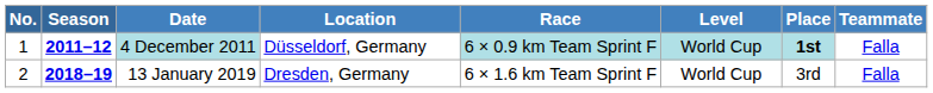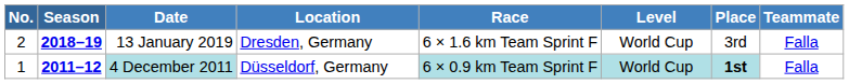 <table class="wikitable sortable" style="font-size:95%; text-align:center; border:grey solid 1px; border-collapse:collapse; background:#ffffff;">
 <tr style="background:#efefef;">
 <th style="background-color:#369; color:white;">No.</th>
 <th style="background-color:#369; color:white;">Season</th>
 <th style="background-color:#4180be; color:white; width:120px;">Date</th>
 <th style="background-color:#4180be; color:white; width:170px;">Location</th>
 <th style="background-color:#4180be; color:white; width:170px;">Race</th>
 <th style="background-color:#4180be; color:white; width:100px;">Level</th>
 <th style="background-color:#4180be; color:white;">Place</th>
 <th style="background-color:#4180be; color:white;">Teammate</th>
 </tr>
 <tr>
+<td align=center>2</td>
+<td rowspan=1 align=center><strong><a href='#'>2018–19</a></strong></td>
+<td align=right>13 January 2019</td>
+<td align=left> <a href='#'>Dresden</a>, Germany</td>
+<td>6 × 1.6 km Team Sprint F</td>
+<td>World Cup</td>
+<td>3rd</td>
+<td><a href='#'>Falla</a></td>
+</tr>
+<tr>
 <td align=center>1</td>
 <td rowspan=1 align=center><strong><a href='#'>2011–12</a></strong></td>
 <td bgcolor="#BOEOE6" align=right>4 December 2011</td>
 <td align=left> <a href='#'>Düsseldorf</a>, Germany</td>
 <td bgcolor="#BOEOE6">6 × 0.9 km Team Sprint F</td>
 <td bgcolor="#BOEOE6">World Cup</td>
 <td bgcolor="#BOEOE6"><strong>1st</strong></td>
 <td><a href='#'>Falla</a></td>
 </tr>
-<tr>
-<td align=center>2</td>
-<td rowspan=1 align=center><strong><a href='#'>2018–19</a></strong></td>
-<td align=right>13 January 2019</td>
-<td align=left> <a href='#'>Dresden</a>, Germany</td>
-<td>6 × 1.6 km Team Sprint F</td>
-<td>World Cup</td>
-<td>3rd</td>
-<td><a href='#'>Falla</a></td>
-</tr>
 </table>
